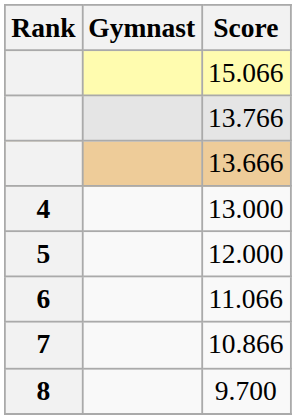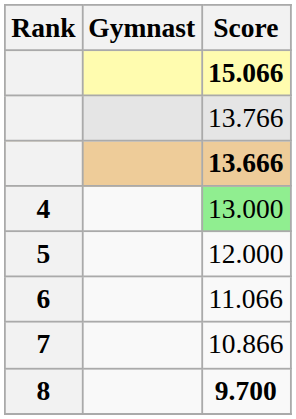 <table class="wikitable sortable" style="text-align:center; font-size:95%">
 <tr>
 <th scope=col>Rank</th>
 <th scope=col>Gymnast</th>
 <th scope=col>Score</th>
 </tr>
 <tr bgcolor=fffcaf>
 <th scope=row style="text-align:center"></th>
 <td align=left></td>
-<td>15.066</td>
+<td><strong>15.066</strong></td>
 </tr>
 <tr bgcolor=e5e5e5>
 <th scope=row style="text-align:center"></th>
 <td align=left></td>
 <td>13.766</td>
 </tr>
 <tr bgcolor=eecc99>
 <th scope=row style="text-align:center"></th>
 <td align=left></td>
-<td>13.666</td>
+<td><strong>13.666</strong></td>
 </tr>
 <tr>
 <th>4</th>
 <td align=left></td>
-<td>13.000</td>
+<td style="background: lightgreen;">13.000</td>
 </tr>
 <tr>
 <th>5</th>
 <td align=left></td>
 <td>12.000</td>
 </tr>
 <tr>
 <th>6</th>
 <td align=left></td>
 <td>11.066</td>
 </tr>
 <tr>
 <th>7</th>
 <td align=left></td>
 <td>10.866</td>
 </tr>
 <tr>
 <th>8</th>
 <td align=left></td>
-<td>9.700</td>
+<td><strong>9.700</strong></td>
 </tr>
 <tr>
 </tr>
 </table>
